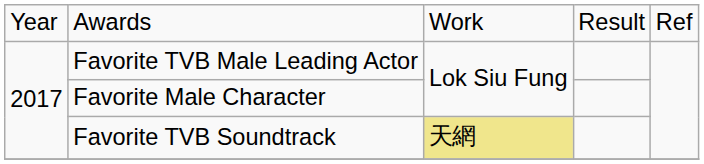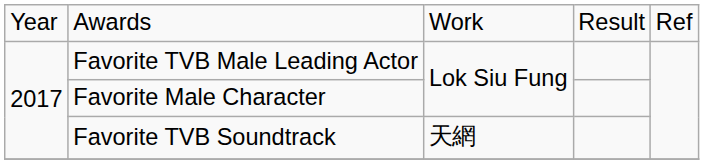 <table class="wikitable">
 <tr>
 <td>Year</td>
 <td>Awards</td>
 <td>Work</td>
 <td>Result</td>
 <td>Ref</td>
 </tr>
 <tr>
 <td rowspan="3">2017</td>
 <td>Favorite TVB Male Leading Actor</td>
 <td rowspan="2">Lok Siu Fung</td>
 <td></td>
 <td rowspan="3"></td>
 </tr>
 <tr>
 <td>Favorite Male Character</td>
 <td></td>
 </tr>
 <tr>
 <td>Favorite TVB Soundtrack</td>
-<td style="background: khaki;">天網</td>
+<td>天網</td>
 <td></td>
 </tr>
 <tr>
 </tr>
 </table>
